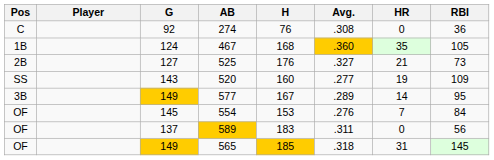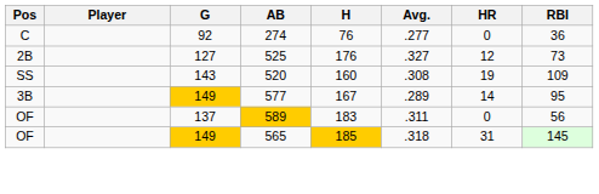 <table class="wikitable sortable">
 <tr>
 <th bgcolor="#DDDDFF" width="5%">Pos</th>
 <th bgcolor="#DDDDFF" width="16%">Player</th>
 <th bgcolor="#DDDDFF" width="9%">G</th>
 <th bgcolor="#DDDDFF" width="9%">AB</th>
 <th bgcolor="#DDDDFF" width="9%">H</th>
 <th bgcolor="#DDDDFF" width="9%">Avg.</th>
 <th bgcolor="#DDDDFF" width="9%">HR</th>
 <th bgcolor="#DDDDFF" width="9%">RBI</th>
 </tr>
 <tr align="center">
 <td>C</td>
 <td></td>
 <td>92</td>
 <td>274</td>
 <td>76</td>
-<td>.308</td>
+<td>.277</td>
 <td>0</td>
 <td>36</td>
-</tr>
-<tr align="center">
-<td>1B</td>
-<td></td>
-<td>124</td>
-<td>467</td>
-<td>168</td>
-<td style="background:#fc0;">.360</td>
-<td style="background:#DDFFDD;">35</td>
-<td>105</td>
 </tr>
 <tr align="center">
 <td>2B</td>
 <td></td>
 <td>127</td>
 <td>525</td>
 <td>176</td>
 <td>.327</td>
-<td>21</td>
+<td>12</td>
 <td>73</td>
 </tr>
 <tr align="center">
 <td>SS</td>
 <td></td>
 <td>143</td>
 <td>520</td>
 <td>160</td>
-<td>.277</td>
+<td>.308</td>
 <td>19</td>
 <td>109</td>
 </tr>
 <tr align="center">
 <td>3B</td>
 <td></td>
 <td style="background:#fc0;">149</td>
 <td>577</td>
 <td>167</td>
 <td>.289</td>
 <td>14</td>
 <td>95</td>
-</tr>
-<tr align="center">
-<td>OF</td>
-<td></td>
-<td>145</td>
-<td>554</td>
-<td>153</td>
-<td>.276</td>
-<td>7</td>
-<td>84</td>
 </tr>
 <tr align="center">
 <td>OF</td>
 <td></td>
 <td>137</td>
 <td style="background:#fc0;">589</td>
 <td>183</td>
 <td>.311</td>
 <td>0</td>
 <td>56</td>
 </tr>
 <tr align="center">
 <td>OF</td>
 <td></td>
 <td style="background:#fc0;">149</td>
 <td>565</td>
 <td style="background:#fc0;">185</td>
 <td>.318</td>
 <td>31</td>
 <td style="background:#DDFFDD;">145</td>
 </tr>
 </table>
